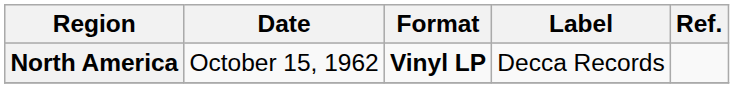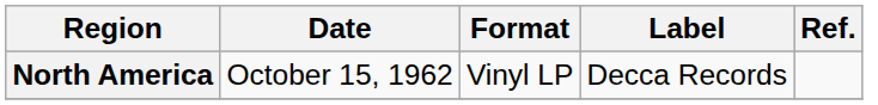 <table class="wikitable plainrowheaders">
 <tr>
 <th scope="col">Region</th>
 <th scope="col">Date</th>
 <th scope="col">Format</th>
 <th scope="col">Label</th>
 <th scope="col">Ref.</th>
 </tr>
 <tr>
 <th scope="row">North America</th>
 <td>October 15, 1962</td>
-<td><strong>Vinyl LP</strong></td>
+<td>Vinyl LP</td>
 <td>Decca Records</td>
 <td></td>
 </tr>
 <tr>
 </tr>
 </table>
